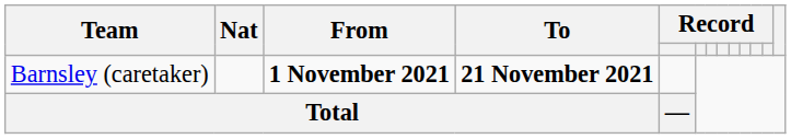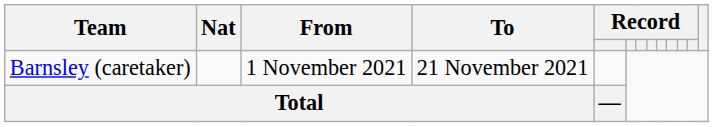 <table class="wikitable" style="text-align: center">
 <tr>
 <th rowspan="2">Team</th>
 <th rowspan="2">Nat</th>
 <th rowspan="2">From</th>
 <th rowspan="2">To</th>
 <th colspan="8">Record</th>
 <th rowspan=2></th>
 </tr>
 <tr>
 <th></th>
 <th></th>
 <th></th>
 <th></th>
 <th></th>
 <th></th>
 <th></th>
 <th></th>
 </tr>
 <tr>
 <td align=left><a href='#'>Barnsley</a> (caretaker)</td>
 <td></td>
-<td align=left><strong>1 November 2021</strong></td>
-<td align=left><strong>21 November 2021<br></strong></td>
+<td align=left>1 November 2021</td>
+<td align=left>21 November 2021<br></td>
 <td></td>
 </tr>
 <tr>
 <th colspan="4">Total<br></th>
 <th>—</th>
 </tr>
 </table>
